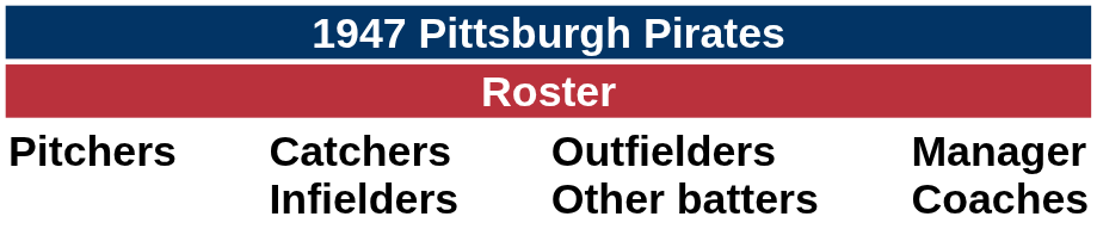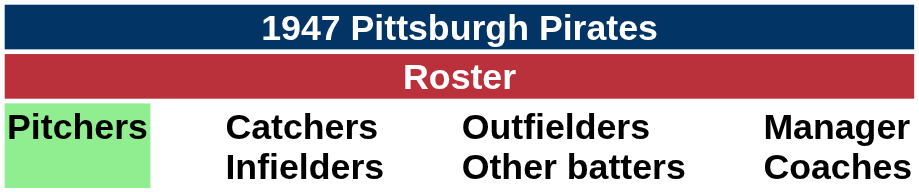 <table class="toccolours" style="font-size: 95%;">
 <tr>
 <th colspan="10" style="background-color: #023465; color: white; text-align: center;">1947 Pittsburgh Pirates</th>
 </tr>
 <tr>
 <td colspan="10" style="background-color: #ba313c; color: white; text-align: center;"><strong>Roster</strong></td>
 </tr>
 <tr>
-<td valign="top"><strong>Pitchers</strong><br>                    </td>
+<td valign="top" style="background: lightgreen;"><strong>Pitchers</strong><br>                    </td>
 <td width="25px"></td>
 <td valign="top"><strong>Catchers</strong><br>     <strong>Infielders</strong>          </td>
 <td width="25px"></td>
 <td valign="top"><strong>Outfielders</strong><br>     <strong>Other batters</strong> </td>
 <td width="25px"></td>
 <td valign="top"><strong>Manager</strong><br>  <strong>Coaches</strong>    </td>
 </tr>
 </table>
